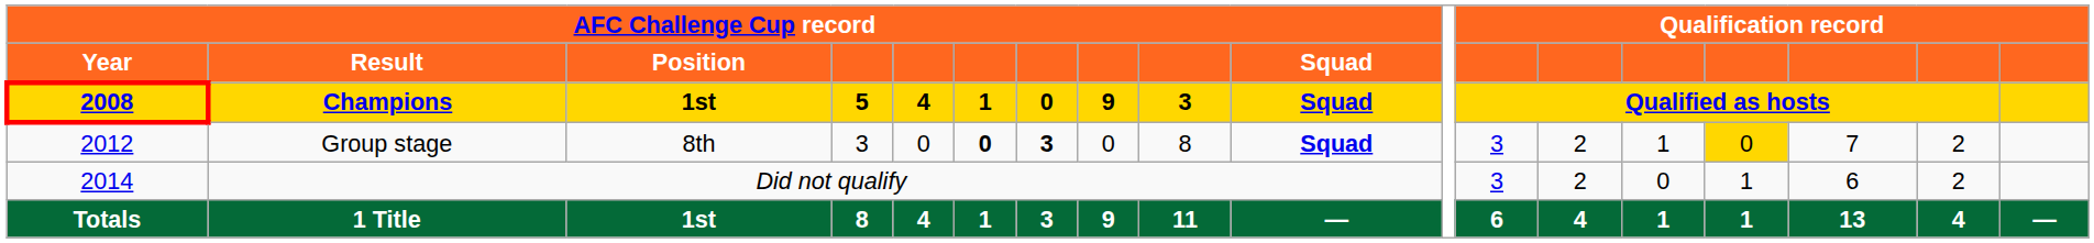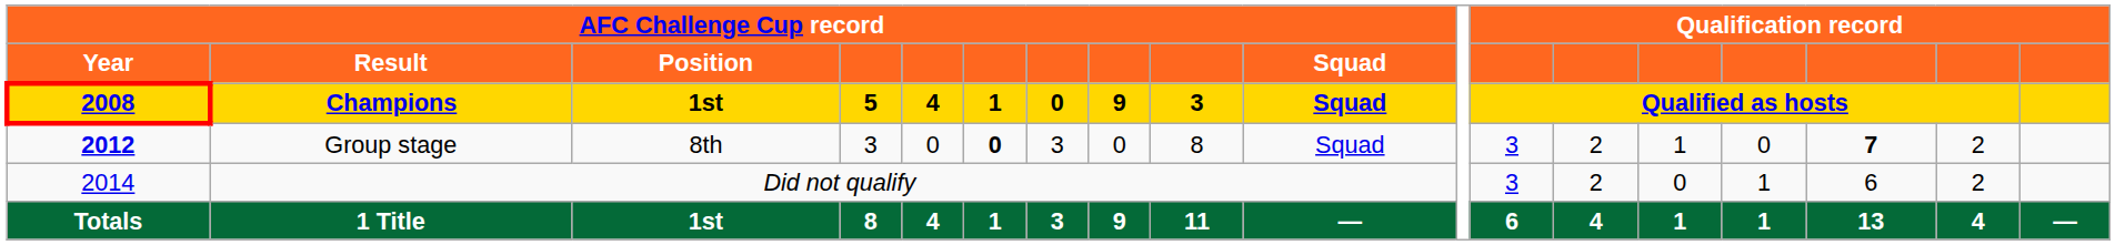 <table class="wikitable" style="font-size:90%; text-align:center;" width="100%" class="wikitable">
 <tr>
 <th colspan=10 style="background:#FF671F; color:white; "><a href='#'>AFC Challenge Cup</a> record</th>
 <th width="1" rowspan=28 style="background:#FFFFFF; color:white"></th>
 <th colspan=7 style="background:#FF671F; color:white; ">Qualification record</th>
 </tr>
 <tr>
 <th style="background:#FF671F; color:white; ">Year</th>
 <th style="background:#FF671F; color:white; ">Result</th>
 <th style="background:#FF671F; color:white; ">Position</th>
 <th style="background:#FF671F; color:white; "></th>
 <th style="background:#FF671F; color:white; "></th>
 <th style="background:#FF671F; color:white; "></th>
 <th style="background:#FF671F; color:white; "></th>
 <th style="background:#FF671F; color:white; "></th>
 <th style="background:#FF671F; color:white; "></th>
 <th style="background:#FF671F; color:white; ">Squad</th>
 <th style="background:#FF671F; color:white; "></th>
 <th style="background:#FF671F; color:white; "></th>
 <th style="background:#FF671F; color:white; "></th>
 <th style="background:#FF671F; color:white; "></th>
 <th style="background:#FF671F; color:white; "></th>
 <th style="background:#FF671F; color:white; "></th>
 <th style="background:#FF671F; color:white; "></th>
 </tr>
 <tr style="background:gold;">
 <td style="border: 3px solid red"> <strong><a href='#'>2008</a></strong></td>
 <td><strong><a href='#'>Champions</a></strong></td>
 <td><strong>1st</strong></td>
 <td><strong>5</strong></td>
 <td><strong>4</strong></td>
 <td><strong>1</strong></td>
 <td><strong>0</strong></td>
 <td><strong>9</strong></td>
 <td><strong>3</strong></td>
 <td><strong><a href='#'>Squad</a></strong></td>
 <td colspan=6><strong><a href='#'>Qualified as hosts</a></strong></td>
 <td></td>
 </tr>
 <tr>
-<td> <a href='#'>2012</a></td>
+<td><strong> <a href='#'>2012</a></strong></td>
 <td>Group stage</td>
 <td>8th</td>
 <td>3</td>
 <td>0</td>
 <td><strong>0</strong></td>
-<td><strong>3</strong></td>
+<td>3</td>
 <td>0</td>
 <td>8</td>
-<td><strong><a href='#'>Squad</a></strong></td>
+<td><a href='#'>Squad</a></td>
 <td><a href='#'>3</a></td>
 <td>2</td>
 <td>1</td>
-<td style="background: gold;">0</td>
-<td>7</td>
+<td>0</td>
+<td><strong>7</strong></td>
 <td>2</td>
 <td></td>
 </tr>
 <tr>
 <td> <a href='#'>2014</a></td>
 <td colspan=10><em>Did not qualify</em></td>
 <td><a href='#'>3</a></td>
 <td>2</td>
 <td>0</td>
 <td>1</td>
 <td>6</td>
 <td>2</td>
 <td></td>
 </tr>
 <tr>
 <th style="background:#046A38; color:white; "><strong>Totals</strong></th>
 <th style="background:#046A38; color:white; ">1 Title</th>
 <th style="background:#046A38; color:white; ">1st</th>
 <th style="background:#046A38; color:white; ">8</th>
 <th style="background:#046A38; color:white; ">4</th>
 <th style="background:#046A38; color:white; ">1</th>
 <th style="background:#046A38; color:white; ">3</th>
 <th style="background:#046A38; color:white; ">9</th>
 <th style="background:#046A38; color:white; ">11</th>
 <th style="background:#046A38; color:white; ">—</th>
 <th style="background:#046A38; color:white; ">6</th>
 <th style="background:#046A38; color:white; ">4</th>
 <th style="background:#046A38; color:white; ">1</th>
 <th style="background:#046A38; color:white; ">1</th>
 <th style="background:#046A38; color:white; ">13</th>
 <th style="background:#046A38; color:white; ">4</th>
 <th style="background:#046A38; color:white; ">—</th>
 </tr>
 </table>
